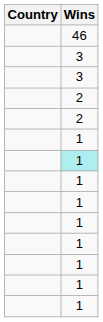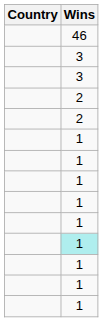 <table class="wikitable sortable" style="text-align:center">
 <tr>
 <th>Country</th>
 <th>Wins</th>
 </tr>
 <tr>
 <td align=left></td>
 <td>46</td>
 </tr>
 <tr>
 <td align=left></td>
 <td>3</td>
 </tr>
 <tr>
 <td align=left></td>
 <td>3</td>
 </tr>
 <tr>
 <td align=left></td>
 <td>2</td>
 </tr>
 <tr>
 <td align=left></td>
 <td>2</td>
 </tr>
 <tr>
 <td align=left></td>
 <td>1</td>
 </tr>
 <tr>
 <td align=left></td>
-<td style="background: paleturquoise;">1</td>
-</tr>
-<tr>
-<td align=left></td>
 <td>1</td>
 </tr>
 <tr>
 <td align=left></td>
 <td>1</td>
 </tr>
 <tr>
 <td align=left></td>
 <td>1</td>
 </tr>
 <tr>
 <td align=left></td>
 <td>1</td>
 </tr>
 <tr>
 <td align=left></td>
+<td style="background: paleturquoise;">1</td>
+</tr>
+<tr>
+<td align=left></td>
 <td>1</td>
 </tr>
 <tr>
 <td align=left></td>
 <td>1</td>
 </tr>
 <tr>
 <td align=left></td>
 <td>1</td>
 </tr>
 </table>
